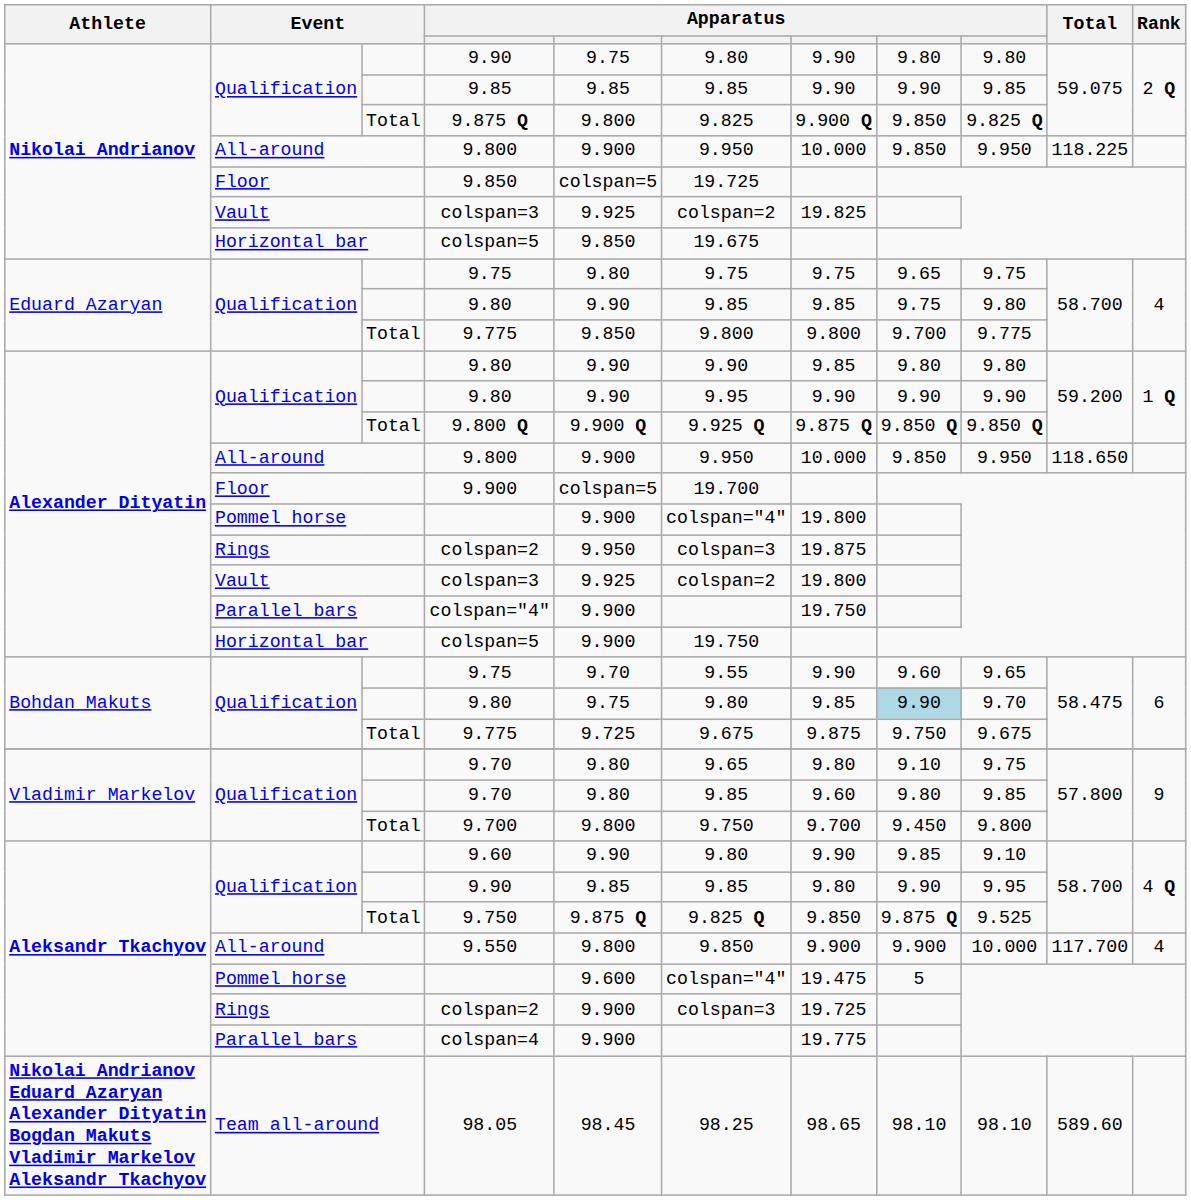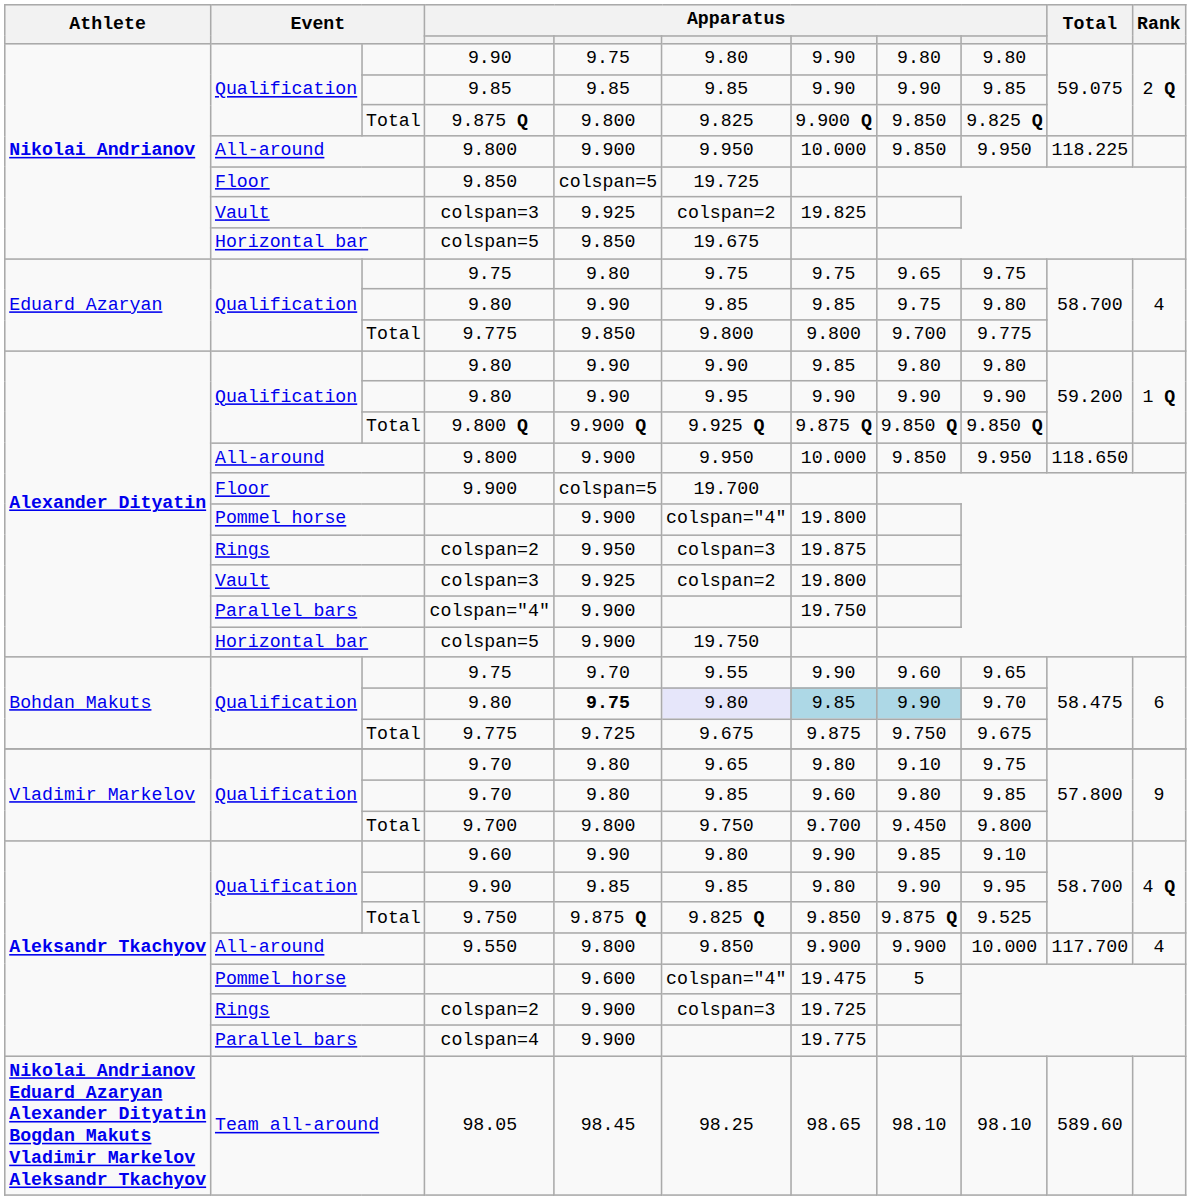 <table class="wikitable" style="text-align:center;font-size:90%">
 <tr>
 <th rowspan=2>Athlete</th>
 <th colspan=2 rowspan=2>Event</th>
 <th colspan=6>Apparatus</th>
 <th rowspan=2>Total</th>
 <th rowspan=2>Rank</th>
 </tr>
 <tr style="font-size:95%">
 <th></th>
 <th></th>
 <th></th>
 <th></th>
 <th></th>
 <th></th>
 </tr>
 <tr>
 <td rowspan=7 align=left><strong><a href='#'>Nikolai Andrianov</a></strong></td>
 <td rowspan=3 align=left><a href='#'>Qualification</a></td>
 <td></td>
 <td>9.90</td>
 <td>9.75</td>
 <td>9.80</td>
 <td>9.90</td>
 <td>9.80</td>
 <td>9.80</td>
 <td rowspan=3>59.075</td>
 <td rowspan=3>2 <strong>Q</strong></td>
 </tr>
 <tr>
 <td></td>
 <td>9.85</td>
 <td>9.85</td>
 <td>9.85</td>
 <td>9.90</td>
 <td>9.90</td>
 <td>9.85</td>
 </tr>
 <tr>
 <td>Total</td>
 <td>9.875 <strong>Q</strong></td>
 <td>9.800</td>
 <td>9.825</td>
 <td>9.900 <strong>Q</strong></td>
 <td>9.850</td>
 <td>9.825 <strong>Q</strong></td>
 </tr>
 <tr>
 <td colspan=2 align=left><a href='#'>All-around</a></td>
 <td>9.800</td>
 <td>9.900</td>
 <td>9.950</td>
 <td>10.000</td>
 <td>9.850</td>
 <td>9.950</td>
 <td>118.225</td>
 <td></td>
 </tr>
 <tr>
 <td colspan=2 align=left><a href='#'>Floor</a></td>
 <td>9.850</td>
 <td>colspan=5 </td>
 <td>19.725</td>
 <td></td>
 </tr>
 <tr>
 <td colspan=2 align=left><a href='#'>Vault</a></td>
 <td>colspan=3 </td>
 <td>9.925</td>
 <td>colspan=2 </td>
 <td>19.825</td>
 <td></td>
 </tr>
 <tr>
 <td colspan=2 align=left><a href='#'>Horizontal bar</a></td>
 <td>colspan=5 </td>
 <td>9.850</td>
 <td>19.675</td>
 <td></td>
 </tr>
 <tr>
 <td rowspan=3 align=left><a href='#'>Eduard Azaryan</a></td>
 <td rowspan=3 align=left><a href='#'>Qualification</a></td>
 <td></td>
 <td>9.75</td>
 <td>9.80</td>
 <td>9.75</td>
 <td>9.75</td>
 <td>9.65</td>
 <td>9.75</td>
 <td rowspan=3>58.700</td>
 <td rowspan=3>4</td>
 </tr>
 <tr>
 <td></td>
 <td>9.80</td>
 <td>9.90</td>
 <td>9.85</td>
 <td>9.85</td>
 <td>9.75</td>
 <td>9.80</td>
 </tr>
 <tr>
 <td>Total</td>
 <td>9.775</td>
 <td>9.850</td>
 <td>9.800</td>
 <td>9.800</td>
 <td>9.700</td>
 <td>9.775</td>
 </tr>
 <tr>
 <td rowspan=10 align=left><strong><a href='#'>Alexander Dityatin</a></strong></td>
 <td rowspan=3 align=left><a href='#'>Qualification</a></td>
 <td></td>
 <td>9.80</td>
 <td>9.90</td>
 <td>9.90</td>
 <td>9.85</td>
 <td>9.80</td>
 <td>9.80</td>
 <td rowspan=3>59.200</td>
 <td rowspan=3>1 <strong>Q</strong></td>
 </tr>
 <tr>
 <td></td>
 <td>9.80</td>
 <td>9.90</td>
 <td>9.95</td>
 <td>9.90</td>
 <td>9.90</td>
 <td>9.90</td>
 </tr>
 <tr>
 <td>Total</td>
 <td>9.800 <strong>Q</strong></td>
 <td>9.900 <strong>Q</strong></td>
 <td>9.925 <strong>Q</strong></td>
 <td>9.875 <strong>Q</strong></td>
 <td>9.850 <strong>Q</strong></td>
 <td>9.850 <strong>Q</strong></td>
 </tr>
 <tr>
 <td colspan=2 align=left><a href='#'>All-around</a></td>
 <td>9.800</td>
 <td>9.900</td>
 <td>9.950</td>
 <td>10.000</td>
 <td>9.850</td>
 <td>9.950</td>
 <td>118.650</td>
 <td></td>
 </tr>
 <tr>
 <td colspan=2 align=left><a href='#'>Floor</a></td>
 <td>9.900</td>
 <td>colspan=5 </td>
 <td>19.700</td>
 <td></td>
 </tr>
 <tr>
 <td colspan=2 align=left><a href='#'>Pommel horse</a></td>
 <td></td>
 <td>9.900</td>
 <td>colspan="4" </td>
 <td>19.800</td>
 <td></td>
 </tr>
 <tr>
 <td colspan=2 align=left><a href='#'>Rings</a></td>
 <td>colspan=2 </td>
 <td>9.950</td>
 <td>colspan=3 </td>
 <td>19.875</td>
 <td></td>
 </tr>
 <tr>
 <td colspan=2 align=left><a href='#'>Vault</a></td>
 <td>colspan=3 </td>
 <td>9.925</td>
 <td>colspan=2 </td>
 <td>19.800</td>
 <td></td>
 </tr>
 <tr>
 <td colspan=2 align=left><a href='#'>Parallel bars</a></td>
 <td>colspan="4" </td>
 <td>9.900</td>
 <td></td>
 <td>19.750</td>
 <td></td>
 </tr>
 <tr>
 <td colspan=2 align=left><a href='#'>Horizontal bar</a></td>
 <td>colspan=5 </td>
 <td>9.900</td>
 <td>19.750</td>
 <td></td>
 </tr>
 <tr>
 <td rowspan=3 align=left><a href='#'>Bohdan Makuts</a></td>
 <td rowspan=3 align=left><a href='#'>Qualification</a></td>
 <td></td>
 <td>9.75</td>
 <td>9.70</td>
 <td>9.55</td>
 <td>9.90</td>
 <td>9.60</td>
 <td>9.65</td>
 <td rowspan=3>58.475</td>
 <td rowspan=3>6</td>
 </tr>
 <tr>
 <td></td>
 <td>9.80</td>
-<td>9.75</td>
-<td>9.80</td>
-<td>9.85</td>
+<td><strong>9.75</strong></td>
+<td style="background: lavender;">9.80</td>
+<td style="background: lightblue;">9.85</td>
 <td style="background: lightblue;">9.90</td>
 <td>9.70</td>
 </tr>
 <tr>
 <td>Total</td>
 <td>9.775</td>
 <td>9.725</td>
 <td>9.675</td>
 <td>9.875</td>
 <td>9.750</td>
 <td>9.675</td>
 </tr>
 <tr>
 </tr>
 <tr>
 <td rowspan=3 align=left><a href='#'>Vladimir Markelov</a></td>
 <td rowspan=3 align=left><a href='#'>Qualification</a></td>
 <td></td>
 <td>9.70</td>
 <td>9.80</td>
 <td>9.65</td>
 <td>9.80</td>
 <td>9.10</td>
 <td>9.75</td>
 <td rowspan=3>57.800</td>
 <td rowspan=3>9</td>
 </tr>
 <tr>
 <td></td>
 <td>9.70</td>
 <td>9.80</td>
 <td>9.85</td>
 <td>9.60</td>
 <td>9.80</td>
 <td>9.85</td>
 </tr>
 <tr>
 <td>Total</td>
 <td>9.700</td>
 <td>9.800</td>
 <td>9.750</td>
 <td>9.700</td>
 <td>9.450</td>
 <td>9.800</td>
 </tr>
 <tr>
 <td rowspan=7 align=left><strong><a href='#'>Aleksandr Tkachyov</a></strong></td>
 <td rowspan=3 align=left><a href='#'>Qualification</a></td>
 <td></td>
 <td>9.60</td>
 <td>9.90</td>
 <td>9.80</td>
 <td>9.90</td>
 <td>9.85</td>
 <td>9.10</td>
 <td rowspan=3>58.700</td>
 <td rowspan=3>4 <strong>Q</strong></td>
 </tr>
 <tr>
 <td></td>
 <td>9.90</td>
 <td>9.85</td>
 <td>9.85</td>
 <td>9.80</td>
 <td>9.90</td>
 <td>9.95</td>
 </tr>
 <tr>
 <td>Total</td>
 <td>9.750</td>
 <td>9.875 <strong>Q</strong></td>
 <td>9.825 <strong>Q</strong></td>
 <td>9.850</td>
 <td>9.875 <strong>Q</strong></td>
 <td>9.525</td>
 </tr>
 <tr>
 <td colspan=2 align=left><a href='#'>All-around</a></td>
 <td>9.550</td>
 <td>9.800</td>
 <td>9.850</td>
 <td>9.900</td>
 <td>9.900</td>
 <td>10.000</td>
 <td>117.700</td>
 <td>4</td>
 </tr>
 <tr>
 <td colspan=2 align=left><a href='#'>Pommel horse</a></td>
 <td></td>
 <td>9.600</td>
 <td>colspan="4" </td>
 <td>19.475</td>
 <td>5</td>
 </tr>
 <tr>
 <td colspan=2 align=left><a href='#'>Rings</a></td>
 <td>colspan=2 </td>
 <td>9.900</td>
 <td>colspan=3 </td>
 <td>19.725</td>
 <td></td>
 </tr>
 <tr>
 <td colspan=2 align=left><a href='#'>Parallel bars</a></td>
 <td>colspan=4 </td>
 <td>9.900</td>
 <td></td>
 <td>19.775</td>
 <td></td>
 </tr>
 <tr>
 <td align=left><strong><a href='#'>Nikolai Andrianov</a><br><a href='#'>Eduard Azaryan</a><br><a href='#'>Alexander Dityatin</a><br><a href='#'>Bogdan Makuts</a><br><a href='#'>Vladimir Markelov</a><br><a href='#'>Aleksandr Tkachyov</a></strong></td>
 <td colspan=2 align=left><a href='#'>Team all-around</a></td>
 <td>98.05</td>
 <td>98.45</td>
 <td>98.25</td>
 <td>98.65</td>
 <td>98.10</td>
 <td>98.10</td>
 <td>589.60</td>
 <td></td>
 </tr>
 </table>
